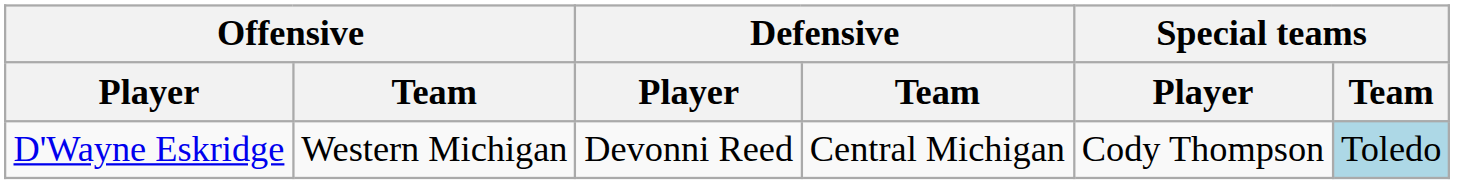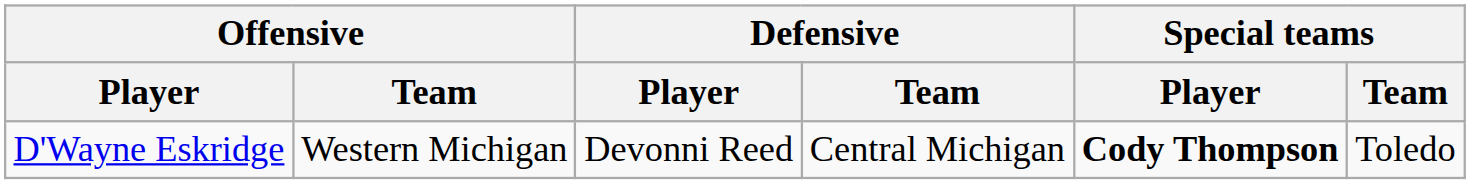 <table class="wikitable" style="display: inline-table;">
 <tr>
 <th colspan="2">Offensive</th>
 <th colspan="2">Defensive</th>
 <th colspan="2">Special teams</th>
 </tr>
 <tr>
 <th>Player</th>
 <th>Team</th>
 <th>Player</th>
 <th>Team</th>
 <th>Player</th>
 <th>Team</th>
 </tr>
 <tr>
 <td><a href='#'>D'Wayne Eskridge</a></td>
 <td>Western Michigan</td>
 <td>Devonni Reed</td>
 <td>Central Michigan</td>
-<td>Cody Thompson</td>
-<td style="background: lightblue;">Toledo</td>
+<td><strong>Cody Thompson</strong></td>
+<td>Toledo</td>
 </tr>
 </table>
